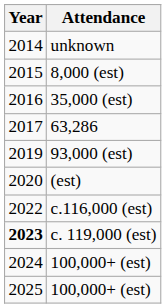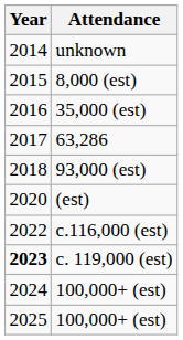 <table class="wikitable">
 <tr>
 <th>Year</th>
 <th>Attendance</th>
 </tr>
 <tr>
 <td>2014</td>
 <td>unknown</td>
 </tr>
 <tr>
 <td>2015</td>
 <td>8,000 (est)</td>
 </tr>
 <tr>
 <td>2016</td>
 <td>35,000 (est)</td>
 </tr>
 <tr>
 <td>2017</td>
 <td>63,286</td>
 </tr>
 <tr>
-<td>2019</td>
+<td>2018</td>
 <td>93,000 (est)</td>
 </tr>
 <tr>
 <td>2020</td>
 <td> (est)</td>
 </tr>
 <tr>
 <td>2022</td>
 <td>c.116,000 (est)</td>
 </tr>
 <tr>
 <td><strong>2023</strong></td>
 <td>c. 119,000 (est)</td>
 </tr>
 <tr>
 <td>2024</td>
 <td>100,000+ (est)</td>
 </tr>
 <tr>
 <td>2025</td>
 <td>100,000+ (est)</td>
 </tr>
 </table>
